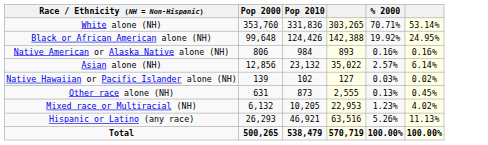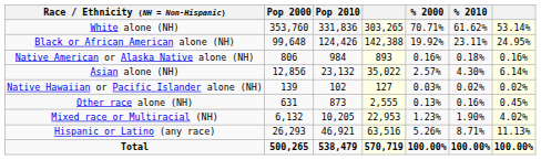 <table class="wikitable" style="text-align:center;">
 <tr>
 <th>Race / Ethnicity <small>(<em>NH = Non-Hispanic</em>)</small></th>
 <th>Pop 2000</th>
 <th>Pop 2010</th>
 <th></th>
 <th>% 2000</th>
+<th>% 2010</th>
 <th></th>
 </tr>
 <tr>
 <td><a href='#'>White</a> alone (NH)</td>
 <td>353,760</td>
 <td>331,836</td>
 <td style='background: #ffffe6;'>303,265</td>
 <td>70.71%</td>
+<td>61.62%</td>
 <td style='background: #ffffe6;'>53.14%</td>
 </tr>
 <tr>
 <td><a href='#'>Black or African American</a> alone (NH)</td>
 <td>99,648</td>
 <td>124,426</td>
 <td style='background: #ffffe6;'>142,388</td>
 <td>19.92%</td>
+<td>23.11%</td>
 <td style='background: #ffffe6;'>24.95%</td>
 </tr>
 <tr>
 <td><a href='#'>Native American</a> or <a href='#'>Alaska Native</a> alone (NH)</td>
 <td>806</td>
 <td>984</td>
 <td style='background: #ffffe6;'>893</td>
 <td>0.16%</td>
+<td>0.18%</td>
 <td style='background: #ffffe6;'>0.16%</td>
 </tr>
 <tr>
 <td><a href='#'>Asian</a> alone (NH)</td>
 <td>12,856</td>
 <td>23,132</td>
 <td style='background: #ffffe6;'>35,022</td>
 <td>2.57%</td>
+<td>4.30%</td>
 <td style='background: #ffffe6;'>6.14%</td>
 </tr>
 <tr>
 <td><a href='#'>Native Hawaiian</a> or <a href='#'>Pacific Islander</a> alone (NH)</td>
 <td>139</td>
 <td>102</td>
 <td style='background: #ffffe6;'>127</td>
 <td>0.03%</td>
+<td>0.02%</td>
 <td style='background: #ffffe6;'>0.02%</td>
 </tr>
 <tr>
 <td><a href='#'>Other race</a> alone (NH)</td>
 <td>631</td>
 <td>873</td>
 <td style='background: #ffffe6;'>2,555</td>
 <td>0.13%</td>
+<td>0.16%</td>
 <td style='background: #ffffe6;'>0.45%</td>
 </tr>
 <tr>
 <td><a href='#'>Mixed race or Multiracial</a> (NH)</td>
 <td>6,132</td>
 <td>10,205</td>
 <td style='background: #ffffe6;'>22,953</td>
 <td>1.23%</td>
+<td>1.90%</td>
 <td style='background: #ffffe6;'>4.02%</td>
 </tr>
 <tr>
 <td><a href='#'>Hispanic or Latino</a> (any race)</td>
 <td>26,293</td>
 <td>46,921</td>
 <td style='background: #ffffe6;'>63,516</td>
 <td>5.26%</td>
+<td>8.71%</td>
 <td style='background: #ffffe6;'>11.13%</td>
 </tr>
 <tr>
 <td><strong>Total</strong></td>
 <td><strong>500,265</strong></td>
 <td><strong>538,479</strong></td>
 <td style='background: #ffffe6;'><strong>570,719</strong></td>
 <td><strong>100.00%</strong></td>
+<td><strong>100.00%</strong></td>
 <td style='background: #ffffe6;'><strong>100.00%</strong></td>
 </tr>
 </table>
